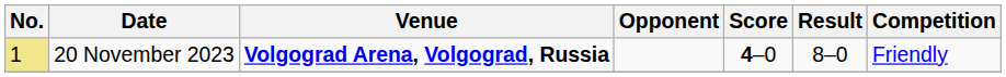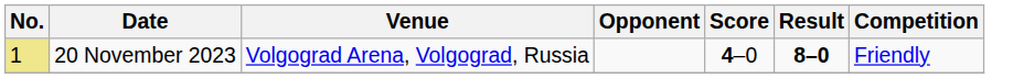 <table class="wikitable">
 <tr>
 <th>No.</th>
 <th>Date</th>
 <th>Venue</th>
 <th>Opponent</th>
 <th>Score</th>
 <th>Result</th>
 <th>Competition</th>
 </tr>
 <tr>
 <td style="background: khaki;">1</td>
 <td>20 November 2023</td>
-<td><strong><a href='#'>Volgograd Arena</a>, <a href='#'>Volgograd</a>, Russia</strong></td>
+<td><a href='#'>Volgograd Arena</a>, <a href='#'>Volgograd</a>, Russia</td>
 <td></td>
 <td align=center><strong>4</strong>–0</td>
-<td align=center>8–0</td>
+<td align=center><strong>8–0</strong></td>
 <td><a href='#'>Friendly</a></td>
 </tr>
 <tr>
 </tr>
 </table>
